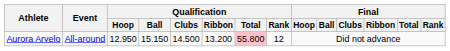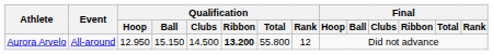 <table class=wikitable style="font-size:90%">
 <tr>
 <th rowspan=2>Athlete</th>
 <th rowspan=2>Event</th>
 <th colspan=6>Qualification</th>
 <th colspan=6>Final</th>
 </tr>
 <tr style="font-size:95%">
 <th>Hoop</th>
 <th>Ball</th>
 <th>Clubs</th>
 <th>Ribbon</th>
 <th>Total</th>
 <th>Rank</th>
 <th>Hoop</th>
 <th>Ball</th>
 <th>Clubs</th>
 <th>Ribbon</th>
 <th>Total</th>
 <th>Rank</th>
 </tr>
 <tr align=center>
 <td align=left><a href='#'>Aurora Arvelo</a></td>
 <td align=left><a href='#'>All-around</a></td>
 <td>12.950</td>
 <td>15.150</td>
 <td>14.500</td>
-<td>13.200</td>
-<td style="background: pink;">55.800</td>
+<td><strong>13.200</strong></td>
+<td>55.800</td>
 <td>12</td>
 <td colspan=6>Did not advance</td>
 </tr>
 </table>
